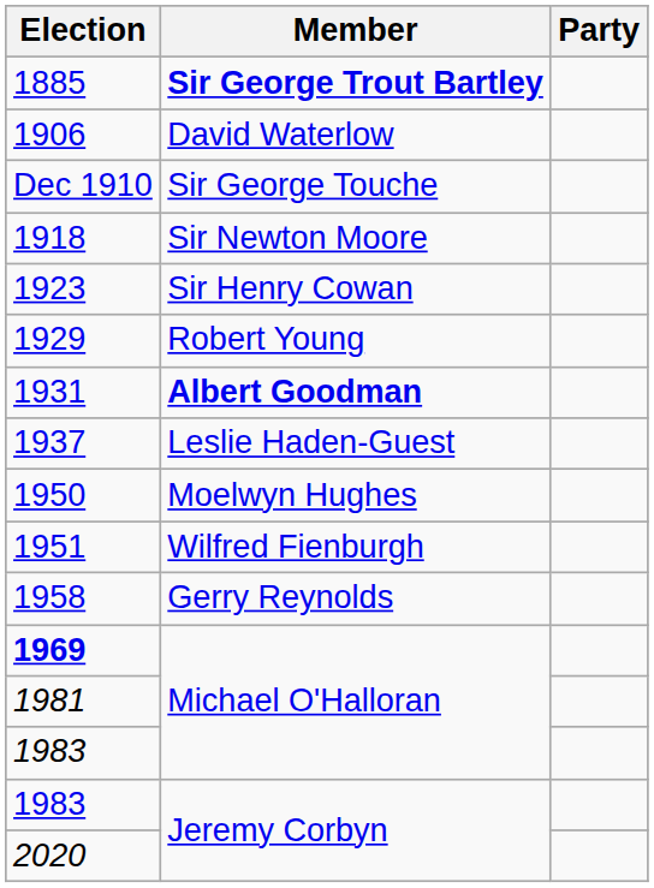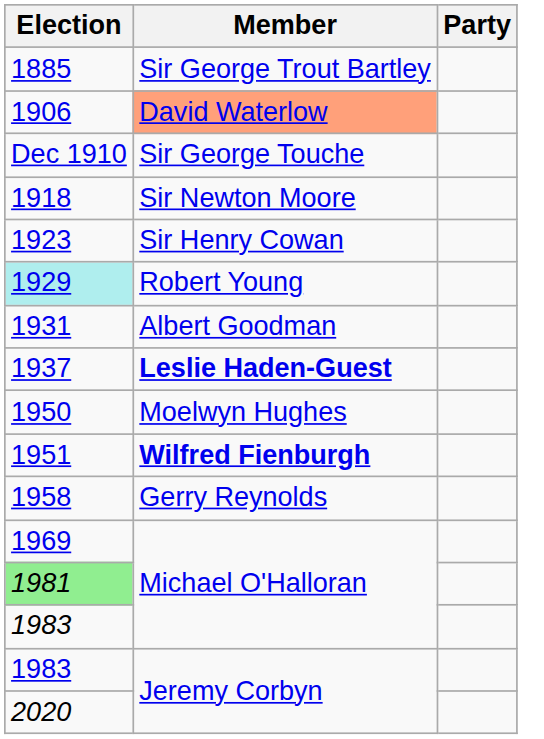 <table class="wikitable">
 <tr>
 <th>Election</th>
 <th>Member</th>
 <th colspan="2">Party</th>
 </tr>
 <tr>
 <td><a href='#'>1885</a></td>
-<td><strong><a href='#'>Sir George Trout Bartley</a></strong></td>
+<td><a href='#'>Sir George Trout Bartley</a></td>
 <td></td>
 </tr>
 <tr>
 <td><a href='#'>1906</a></td>
-<td><a href='#'>David Waterlow</a></td>
+<td style="background: lightsalmon;"><a href='#'>David Waterlow</a></td>
 <td></td>
 </tr>
 <tr>
 <td><a href='#'>Dec 1910</a></td>
 <td><a href='#'>Sir George Touche</a></td>
 <td></td>
 </tr>
 <tr>
 <td><a href='#'>1918</a></td>
 <td><a href='#'>Sir Newton Moore</a></td>
 <td></td>
 </tr>
 <tr>
 <td><a href='#'>1923</a></td>
 <td><a href='#'>Sir Henry Cowan</a></td>
 <td></td>
 </tr>
 <tr>
-<td><a href='#'>1929</a></td>
+<td style="background: paleturquoise;"><a href='#'>1929</a></td>
 <td><a href='#'>Robert Young</a></td>
 <td></td>
 </tr>
 <tr>
 <td><a href='#'>1931</a></td>
-<td><strong><a href='#'>Albert Goodman</a></strong></td>
+<td><a href='#'>Albert Goodman</a></td>
 <td></td>
 </tr>
 <tr>
 <td><a href='#'>1937</a></td>
-<td><a href='#'>Leslie Haden-Guest</a></td>
+<td><strong><a href='#'>Leslie Haden-Guest</a></strong></td>
 <td></td>
 </tr>
 <tr>
 <td><a href='#'>1950</a></td>
 <td><a href='#'>Moelwyn Hughes</a></td>
 <td></td>
 </tr>
 <tr>
 <td><a href='#'>1951</a></td>
-<td><a href='#'>Wilfred Fienburgh</a></td>
+<td><strong><a href='#'>Wilfred Fienburgh</a></strong></td>
 <td></td>
 </tr>
 <tr>
 <td><a href='#'>1958</a></td>
 <td><a href='#'>Gerry Reynolds</a></td>
 <td></td>
 </tr>
 <tr>
-<td><strong><a href='#'>1969</a></strong></td>
+<td><a href='#'>1969</a></td>
 <td rowspan="3"><a href='#'>Michael O'Halloran</a></td>
 <td></td>
 </tr>
 <tr>
-<td><em>1981</em></td>
+<td style="background: lightgreen;"><em>1981</em></td>
 <td></td>
 </tr>
 <tr>
 <td><em>1983</em></td>
 <td></td>
 </tr>
 <tr>
 <td><a href='#'>1983</a></td>
 <td rowspan=2><a href='#'>Jeremy Corbyn</a></td>
 <td></td>
 </tr>
 <tr>
 <td><em>2020</em></td>
 <td></td>
 </tr>
 </table>
